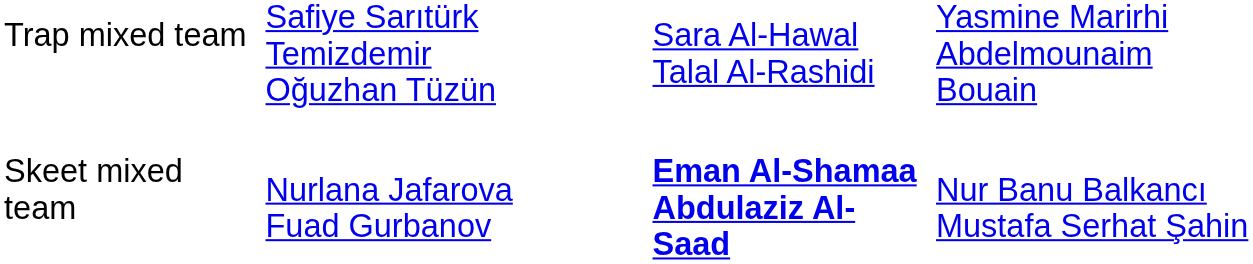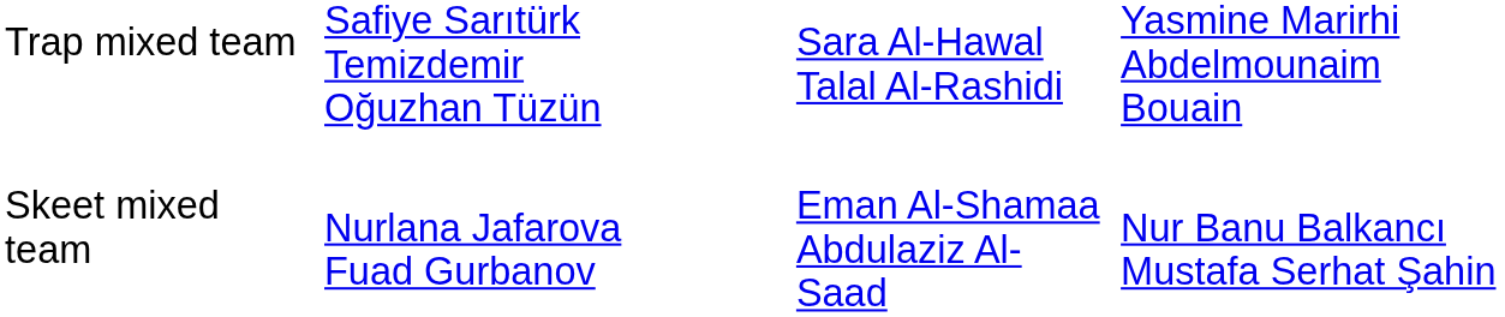 <table>
 <tr>
 <td>Trap mixed team</td>
 <td><br><a href='#'>Safiye Sarıtürk Temizdemir</a><br><a href='#'>Oğuzhan Tüzün</a></td>
 <td><br><a href='#'>Sara Al-Hawal</a><br><a href='#'>Talal Al-Rashidi</a></td>
 <td><br><a href='#'>Yasmine Marirhi</a><br><a href='#'>Abdelmounaim Bouain</a></td>
 </tr>
 <tr>
 <td>Skeet mixed team</td>
 <td><br><a href='#'>Nurlana Jafarova</a><br><a href='#'>Fuad Gurbanov</a></td>
-<td><strong><br><a href='#'>Eman Al-Shamaa</a><br><a href='#'>Abdulaziz Al-Saad</a></strong></td>
+<td><br><a href='#'>Eman Al-Shamaa</a><br><a href='#'>Abdulaziz Al-Saad</a></td>
 <td><br><a href='#'>Nur Banu Balkancı</a><br><a href='#'>Mustafa Serhat Şahin</a></td>
 </tr>
 </table>
